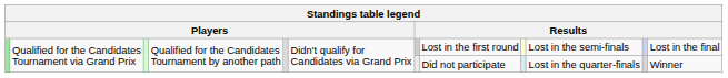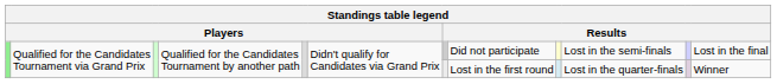 <table class="wikitable" style="font-size:80%;">
 <tr bgcolor="#efefef">
 <th colspan="12">Standings table legend</th>
 </tr>
 <tr>
 <th colspan="6">Players</th>
 <th colspan="6">Results</th>
 </tr>
 <tr>
 <td align="center" rowspan="2" style="background:lightgreen;"></td>
 <td rowspan="2">Qualified for the Candidates <br> Tournament via Grand Prix</td>
 <td align="center" rowspan="2" style="background:#cfffcf;"></td>
 <td rowspan="2">Qualified for the Candidates <br> Tournament by another path</td>
 <td align="center" rowspan="2" style="background:#dcdcdc;"></td>
 <td rowspan="2">Didn't qualify for <br> Candidates via Grand Prix</td>
 <td align="center" style="background:#ccc;"></td>
-<td>Lost in the first round</td>
+<td>Did not participate</td>
 <td align="center" style="background:#ffffcf;"></td>
 <td>Lost in the semi-finals</td>
 <td align="center" style="background:#cfcfff;"></td>
 <td>Lost in the final</td>
 </tr>
 <tr>
 <td align="center" style="background:#ececec;"></td>
-<td>Did not participate</td>
+<td>Lost in the first round</td>
 <td align="center" style="background:#d6ecf3;"></td>
 <td>Lost in the quarter-finals</td>
 <td align="center" style="background:#dfcfdf;"></td>
 <td>Winner</td>
 </tr>
 </table>
